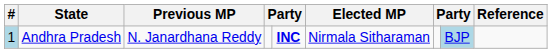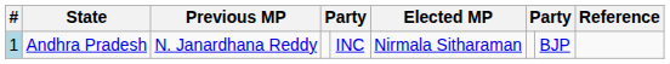 <table class="wikitable">
 <tr>
 <th>#</th>
 <th>State</th>
 <th>Previous MP</th>
 <th colspan=2>Party</th>
 <th>Elected MP</th>
 <th colspan=2>Party</th>
 <th>Reference</th>
 </tr>
 <tr style="text-align:center;">
 <td style="background: lightblue;">1</td>
 <td><a href='#'>Andhra Pradesh</a></td>
 <td><a href='#'>N. Janardhana Reddy</a></td>
 <td width="1px"></td>
-<td><strong><a href='#'>INC</a></strong></td>
+<td><a href='#'>INC</a></td>
 <td><a href='#'>Nirmala Sitharaman</a></td>
 <td width="1px"></td>
-<td style="background: lightblue;"><a href='#'>BJP</a></td>
+<td><a href='#'>BJP</a></td>
 <td rowspan=1></td>
 </tr>
 </table>
